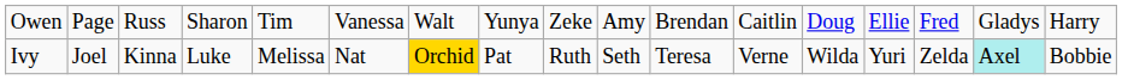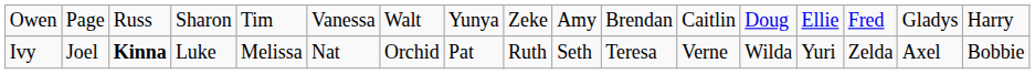 <table class="wikitable">
 <tr>
 <td>Owen</td>
 <td>Page</td>
 <td>Russ</td>
 <td>Sharon</td>
 <td>Tim</td>
 <td>Vanessa</td>
 <td>Walt</td>
 <td>Yunya</td>
 <td>Zeke</td>
 <td>Amy</td>
 <td>Brendan</td>
 <td>Caitlin</td>
 <td><a href='#'>Doug</a></td>
 <td><a href='#'>Ellie</a></td>
 <td><a href='#'>Fred</a></td>
 <td>Gladys</td>
 <td>Harry</td>
 </tr>
 <tr>
 <td>Ivy</td>
 <td>Joel</td>
-<td>Kinna</td>
+<td><strong>Kinna</strong></td>
 <td>Luke</td>
 <td>Melissa</td>
 <td>Nat</td>
-<td style="background: gold;">Orchid</td>
+<td>Orchid</td>
 <td>Pat</td>
 <td>Ruth</td>
 <td>Seth</td>
 <td>Teresa</td>
 <td>Verne</td>
 <td>Wilda</td>
 <td>Yuri</td>
 <td>Zelda</td>
-<td style="background: paleturquoise;">Axel</td>
+<td>Axel</td>
 <td>Bobbie</td>
 </tr>
 </table>
